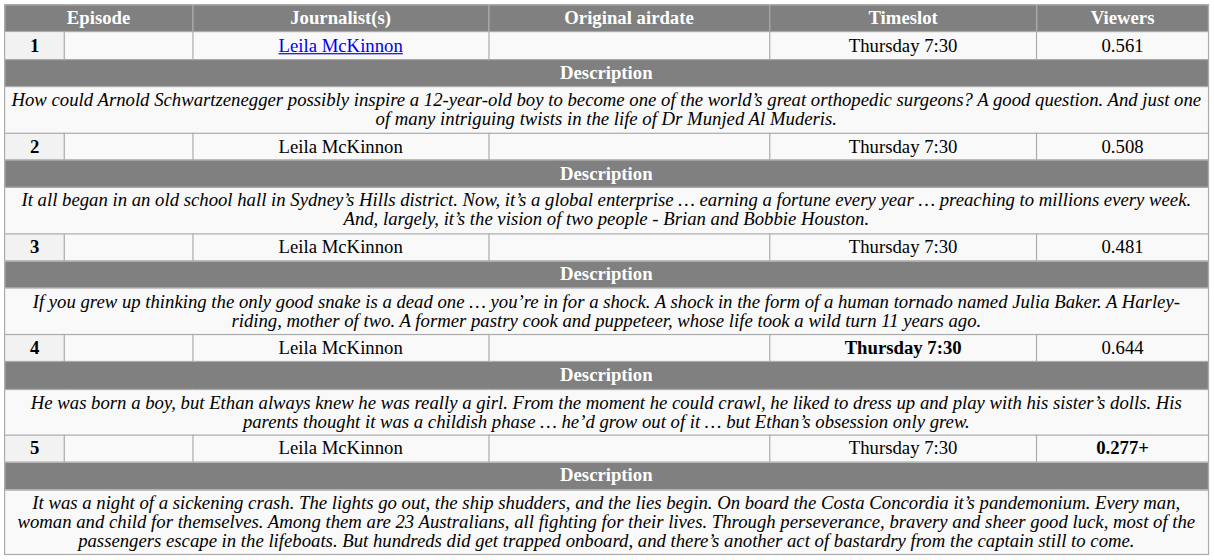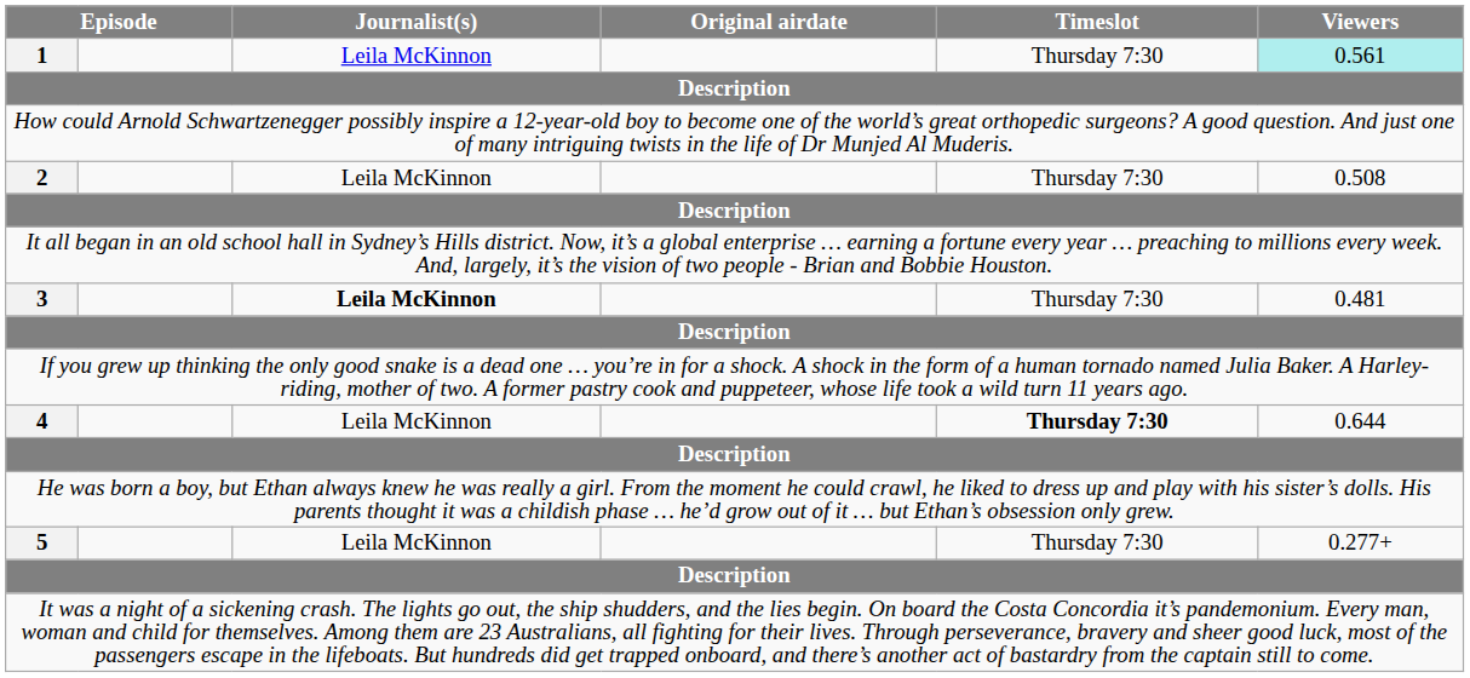 <table class="wikitable"  style="text-align:center; line-height:16px; width:65%;">
 <tr>
 <th style="background:grey; color:white;" colspan="2">Episode</th>
 <th style="background:grey; color:white;">Journalist(s)</th>
 <th style="background:grey; color:white;">Original airdate</th>
 <th style="background:grey; color:white;">Timeslot</th>
 <th style="background:grey; color:white;">Viewers<br><small></small></th>
 </tr>
 <tr>
 <th style="width:05%;">1</th>
 <td></td>
 <td><a href='#'>Leila McKinnon</a></td>
 <td></td>
 <td>Thursday 7:30</td>
-<td>0.561</td>
+<td style="background: paleturquoise;">0.561</td>
 </tr>
 <tr>
 <th colspan=6 style="background:grey; color:white;">Description</th>
 </tr>
 <tr>
 <td colspan=6><em>How could Arnold Schwartzenegger possibly inspire a 12-year-old boy to become one of the world’s great orthopedic surgeons? A good question. And just one of many intriguing twists in the life of Dr Munjed Al Muderis.</em></td>
 </tr>
 <tr>
 <th style="width:05%;">2</th>
 <td></td>
 <td>Leila McKinnon</td>
 <td></td>
 <td>Thursday 7:30</td>
 <td>0.508</td>
 </tr>
 <tr>
 <th colspan=6 style="background:grey; color:white;">Description</th>
 </tr>
 <tr>
 <td colspan=6><em>It all began in an old school hall in Sydney’s Hills district. Now, it’s a global enterprise … earning a fortune every year … preaching to millions every week. And, largely, it’s the vision of two people - Brian and Bobbie Houston.</em></td>
 </tr>
 <tr>
 <th style="width:05%;">3</th>
 <td></td>
-<td>Leila McKinnon</td>
+<td><strong>Leila McKinnon</strong></td>
 <td></td>
 <td>Thursday 7:30</td>
 <td>0.481</td>
 </tr>
 <tr>
 <th colspan=6 style="background:grey; color:white;">Description</th>
 </tr>
 <tr>
 <td colspan=6><em>If you grew up thinking the only good snake is a dead one … you’re in for a shock. A shock in the form of a human tornado named Julia Baker. A Harley-riding, mother of two. A former pastry cook and puppeteer, whose life took a wild turn 11 years ago.</em></td>
 </tr>
 <tr>
 <th style="width:05%;">4</th>
 <td></td>
 <td>Leila McKinnon</td>
 <td></td>
 <td><strong>Thursday 7:30</strong></td>
 <td>0.644</td>
 </tr>
 <tr>
 <th colspan=6 style="background:grey; color:white;">Description</th>
 </tr>
 <tr>
 <td colspan=6><em>He was born a boy, but Ethan always knew he was really a girl. From the moment he could crawl, he liked to dress up and play with his sister’s dolls. His parents thought it was a childish phase … he’d grow out of it … but Ethan’s obsession only grew.</em></td>
 </tr>
 <tr>
 <th style="width:05%;">5</th>
 <td></td>
 <td>Leila McKinnon</td>
 <td></td>
 <td>Thursday 7:30</td>
-<td><strong>0.277+</strong></td>
+<td>0.277+</td>
 </tr>
 <tr>
 <th colspan=6 style="background:grey; color:white;">Description</th>
 </tr>
 <tr>
 <td colspan=6><em>It was a night of a sickening crash. The lights go out, the ship shudders, and the lies begin. On board the Costa Concordia it’s pandemonium. Every man, woman and child for themselves. Among them are 23 Australians, all fighting for their lives. Through perseverance, bravery and sheer good luck, most of the passengers escape in the lifeboats. But hundreds did get trapped onboard, and there’s another act of bastardry from the captain still to come.</em></td>
 </tr>
 </table>
